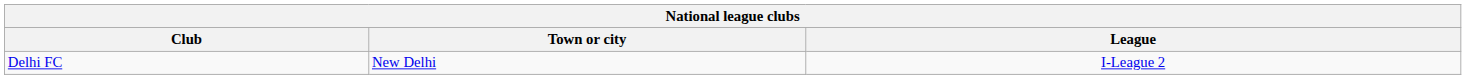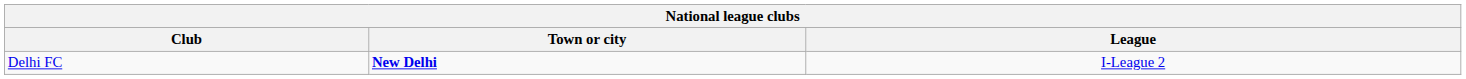 <table class="wikitable sortable" width="100%">
 <tr>
 <th colspan="3">National league clubs</th>
 </tr>
 <tr>
 <th !width="25%">Club</th>
 <th width="30%">Town or city</th>
 <th width="45%">League</th>
 </tr>
 <tr>
 <td><a href='#'>Delhi FC</a></td>
-<td><a href='#'>New Delhi</a></td>
+<td><strong><a href='#'>New Delhi</a></strong></td>
 <td align="center"><a href='#'>I-League 2</a></td>
 </tr>
 </table>
